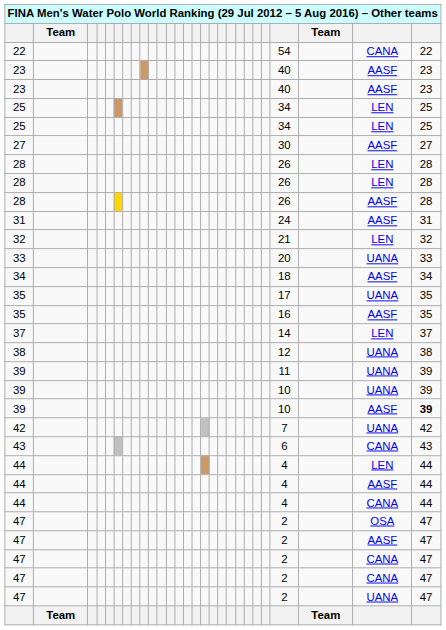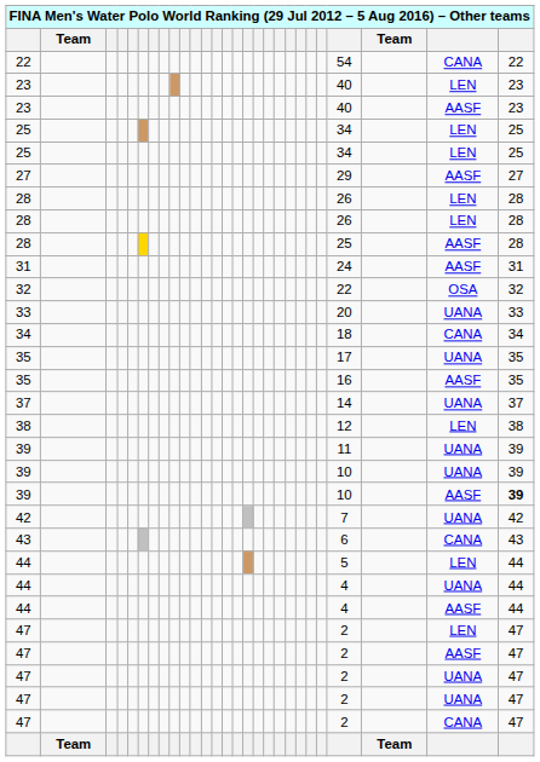 <table class="wikitable mw-collapsible autocollapse" style="text-align: center; font-size: 75%; margin-left: 1em;">
 <tr>
 <th colspan="27" style="background-color: #ccffff;">FINA Men's Water Polo World Ranking (29 Jul 2012 – 5 Aug 2016) – Other teams</th>
 </tr>
 <tr>
 <th></th>
 <th>Team</th>
 <th><a href='#'></a></th>
 <th><a href='#'></a></th>
 <th><a href='#'></a></th>
 <th><a href='#'></a></th>
 <th><a href='#'></a></th>
 <th><a href='#'></a></th>
 <th><a href='#'></a></th>
 <th><a href='#'></a></th>
 <th><a href='#'></a></th>
 <th><a href='#'></a></th>
 <th><a href='#'></a></th>
 <th><a href='#'></a></th>
 <th><a href='#'></a></th>
 <th><a href='#'></a></th>
 <th><a href='#'></a></th>
 <th><a href='#'></a></th>
 <th><a href='#'></a></th>
 <th><a href='#'></a></th>
 <th><a href='#'></a></th>
 <th><a href='#'></a></th>
 <th><a href='#'></a></th>
 <th></th>
 <th>Team</th>
 <th></th>
 <th></th>
 </tr>
 <tr>
 <td>22</td>
 <td style="text-align: left;"></td>
 <td></td>
 <td></td>
 <td></td>
 <td></td>
 <td></td>
 <td></td>
 <td></td>
 <td></td>
 <td></td>
 <td></td>
 <td></td>
 <td></td>
 <td></td>
 <td></td>
 <td></td>
 <td></td>
 <td></td>
 <td></td>
 <td></td>
 <td></td>
 <td></td>
 <td>54</td>
 <td style="text-align: left;"></td>
 <td><a href='#'>CANA</a></td>
 <td>22</td>
 </tr>
 <tr>
 <td>23</td>
 <td style="text-align: left;"></td>
 <td></td>
 <td></td>
 <td></td>
 <td></td>
 <td></td>
 <td></td>
 <td style="background-color: #cc9966;"></td>
 <td></td>
 <td></td>
 <td></td>
 <td></td>
 <td></td>
 <td></td>
 <td></td>
 <td></td>
 <td></td>
 <td></td>
 <td></td>
 <td></td>
 <td></td>
 <td></td>
 <td>40</td>
 <td style="text-align: left;"></td>
-<td><a href='#'>AASF</a></td>
+<td><a href='#'>LEN</a></td>
 <td>23</td>
 </tr>
 <tr>
 <td>23</td>
 <td style="text-align: left;"></td>
 <td></td>
 <td></td>
 <td></td>
 <td></td>
 <td></td>
 <td></td>
 <td></td>
 <td></td>
 <td></td>
 <td></td>
 <td></td>
 <td></td>
 <td></td>
 <td></td>
 <td></td>
 <td></td>
 <td></td>
 <td></td>
 <td></td>
 <td></td>
 <td></td>
 <td>40</td>
 <td style="text-align: left;"></td>
 <td><a href='#'>AASF</a></td>
 <td>23</td>
 </tr>
 <tr>
 <td>25</td>
 <td style="text-align: left;"></td>
 <td></td>
 <td></td>
 <td></td>
 <td style="background-color: #cc9966;"></td>
 <td></td>
 <td></td>
 <td></td>
 <td></td>
 <td></td>
 <td></td>
 <td></td>
 <td></td>
 <td></td>
 <td></td>
 <td></td>
 <td></td>
 <td></td>
 <td></td>
 <td></td>
 <td></td>
 <td></td>
 <td>34</td>
 <td style="text-align: left;"></td>
 <td><a href='#'>LEN</a></td>
 <td>25</td>
 </tr>
 <tr>
 <td>25</td>
 <td style="text-align: left;"></td>
 <td></td>
 <td></td>
 <td></td>
 <td></td>
 <td></td>
 <td></td>
 <td></td>
 <td></td>
 <td></td>
 <td></td>
 <td></td>
 <td></td>
 <td></td>
 <td></td>
 <td></td>
 <td></td>
 <td></td>
 <td></td>
 <td></td>
 <td></td>
 <td></td>
 <td>34</td>
 <td style="text-align: left;"></td>
 <td><a href='#'>LEN</a></td>
 <td>25</td>
 </tr>
 <tr>
 <td>27</td>
 <td style="text-align: left;"></td>
 <td></td>
 <td></td>
 <td></td>
 <td></td>
 <td></td>
 <td></td>
 <td></td>
 <td></td>
 <td></td>
 <td></td>
 <td></td>
 <td></td>
 <td></td>
 <td></td>
 <td></td>
 <td></td>
 <td></td>
 <td></td>
 <td></td>
 <td></td>
 <td></td>
-<td>30</td>
+<td>29</td>
 <td style="text-align: left;"></td>
 <td><a href='#'>AASF</a></td>
 <td>27</td>
 </tr>
 <tr>
 <td>28</td>
 <td style="text-align: left;"></td>
 <td></td>
 <td></td>
 <td></td>
 <td></td>
 <td></td>
 <td></td>
 <td></td>
 <td></td>
 <td></td>
 <td></td>
 <td></td>
 <td></td>
 <td></td>
 <td></td>
 <td></td>
 <td></td>
 <td></td>
 <td></td>
 <td></td>
 <td></td>
 <td></td>
 <td>26</td>
 <td style="text-align: left;"></td>
 <td><a href='#'>LEN</a></td>
 <td>28</td>
 </tr>
 <tr>
 <td>28</td>
 <td style="text-align: left;"></td>
 <td></td>
 <td></td>
 <td></td>
 <td></td>
 <td></td>
 <td></td>
 <td></td>
 <td></td>
 <td></td>
 <td></td>
 <td></td>
 <td></td>
 <td></td>
 <td></td>
 <td></td>
 <td></td>
 <td></td>
 <td></td>
 <td></td>
 <td></td>
 <td></td>
 <td>26</td>
 <td style="text-align: left;"></td>
 <td><a href='#'>LEN</a></td>
 <td>28</td>
 </tr>
 <tr>
 <td>28</td>
 <td style="text-align: left;"></td>
 <td></td>
 <td></td>
 <td></td>
 <td style="background-color: gold;"></td>
 <td></td>
 <td></td>
 <td></td>
 <td></td>
 <td></td>
 <td></td>
 <td></td>
 <td></td>
 <td></td>
 <td></td>
 <td></td>
 <td></td>
 <td></td>
 <td></td>
 <td></td>
 <td></td>
 <td></td>
-<td>26</td>
+<td>25</td>
 <td style="text-align: left;"></td>
 <td><a href='#'>AASF</a></td>
 <td>28</td>
 </tr>
 <tr>
 <td>31</td>
 <td style="text-align: left;"></td>
 <td></td>
 <td></td>
 <td></td>
 <td></td>
 <td></td>
 <td></td>
 <td></td>
 <td></td>
 <td></td>
 <td></td>
 <td></td>
 <td></td>
 <td></td>
 <td></td>
 <td></td>
 <td></td>
 <td></td>
 <td></td>
 <td></td>
 <td></td>
 <td></td>
 <td>24</td>
 <td style="text-align: left;"></td>
 <td><a href='#'>AASF</a></td>
 <td>31</td>
 </tr>
 <tr>
 <td>32</td>
 <td style="text-align: left;"></td>
 <td></td>
 <td></td>
 <td></td>
 <td></td>
 <td></td>
 <td></td>
 <td></td>
 <td></td>
 <td></td>
 <td></td>
 <td></td>
 <td></td>
 <td></td>
 <td></td>
 <td></td>
 <td></td>
 <td></td>
 <td></td>
 <td></td>
 <td></td>
 <td></td>
-<td>21</td>
+<td>22</td>
 <td style="text-align: left;"></td>
-<td><a href='#'>LEN</a></td>
+<td><a href='#'>OSA</a></td>
 <td>32</td>
 </tr>
 <tr>
 <td>33</td>
 <td style="text-align: left;"></td>
 <td></td>
 <td></td>
 <td></td>
 <td></td>
 <td></td>
 <td></td>
 <td></td>
 <td></td>
 <td></td>
 <td></td>
 <td></td>
 <td></td>
 <td></td>
 <td></td>
 <td></td>
 <td></td>
 <td></td>
 <td></td>
 <td></td>
 <td></td>
 <td></td>
 <td>20</td>
 <td style="text-align: left;"></td>
 <td><a href='#'>UANA</a></td>
 <td>33</td>
 </tr>
 <tr>
 <td>34</td>
 <td style="text-align: left;"></td>
 <td></td>
 <td></td>
 <td></td>
 <td></td>
 <td></td>
 <td></td>
 <td></td>
 <td></td>
 <td></td>
 <td></td>
 <td></td>
 <td></td>
 <td></td>
 <td></td>
 <td></td>
 <td></td>
 <td></td>
 <td></td>
 <td></td>
 <td></td>
 <td></td>
 <td>18</td>
 <td style="text-align: left;"></td>
-<td><a href='#'>AASF</a></td>
+<td><a href='#'>CANA</a></td>
 <td>34</td>
 </tr>
 <tr>
 <td>35</td>
 <td style="text-align: left;"></td>
 <td></td>
 <td></td>
 <td></td>
 <td></td>
 <td></td>
 <td></td>
 <td></td>
 <td></td>
 <td></td>
 <td></td>
 <td></td>
 <td></td>
 <td></td>
 <td></td>
 <td></td>
 <td></td>
 <td></td>
 <td></td>
 <td></td>
 <td></td>
 <td></td>
 <td>17</td>
 <td style="text-align: left;"></td>
 <td><a href='#'>UANA</a></td>
 <td>35</td>
 </tr>
 <tr>
 <td>35</td>
 <td style="text-align: left;"></td>
 <td></td>
 <td></td>
 <td></td>
 <td></td>
 <td></td>
 <td></td>
 <td></td>
 <td></td>
 <td></td>
 <td></td>
 <td></td>
 <td></td>
 <td></td>
 <td></td>
 <td></td>
 <td></td>
 <td></td>
 <td></td>
 <td></td>
 <td></td>
 <td></td>
 <td>16</td>
 <td style="text-align: left;"></td>
 <td><a href='#'>AASF</a></td>
 <td>35</td>
 </tr>
 <tr>
 <td>37</td>
 <td style="text-align: left;"></td>
 <td></td>
 <td></td>
 <td></td>
 <td></td>
 <td></td>
 <td></td>
 <td></td>
 <td></td>
 <td></td>
 <td></td>
 <td></td>
 <td></td>
 <td></td>
 <td></td>
 <td></td>
 <td></td>
 <td></td>
 <td></td>
 <td></td>
 <td></td>
 <td></td>
 <td>14</td>
 <td style="text-align: left;"></td>
-<td><a href='#'>LEN</a></td>
+<td><a href='#'>UANA</a></td>
 <td>37</td>
 </tr>
 <tr>
 <td>38</td>
 <td style="text-align: left;"></td>
 <td></td>
 <td></td>
 <td></td>
 <td></td>
 <td></td>
 <td></td>
 <td></td>
 <td></td>
 <td></td>
 <td></td>
 <td></td>
 <td></td>
 <td></td>
 <td></td>
 <td></td>
 <td></td>
 <td></td>
 <td></td>
 <td></td>
 <td></td>
 <td></td>
 <td>12</td>
 <td style="text-align: left;"></td>
-<td><a href='#'>UANA</a></td>
+<td><a href='#'>LEN</a></td>
 <td>38</td>
 </tr>
 <tr>
 <td>39</td>
 <td style="text-align: left;"></td>
 <td></td>
 <td></td>
 <td></td>
 <td></td>
 <td></td>
 <td></td>
 <td></td>
 <td></td>
 <td></td>
 <td></td>
 <td></td>
 <td></td>
 <td></td>
 <td></td>
 <td></td>
 <td></td>
 <td></td>
 <td></td>
 <td></td>
 <td></td>
 <td></td>
 <td>11</td>
 <td style="text-align: left;"></td>
 <td><a href='#'>UANA</a></td>
 <td>39</td>
 </tr>
 <tr>
 <td>39</td>
 <td style="text-align: left;"></td>
 <td></td>
 <td></td>
 <td></td>
 <td></td>
 <td></td>
 <td></td>
 <td></td>
 <td></td>
 <td></td>
 <td></td>
 <td></td>
 <td></td>
 <td></td>
 <td></td>
 <td></td>
 <td></td>
 <td></td>
 <td></td>
 <td></td>
 <td></td>
 <td></td>
 <td>10</td>
 <td style="text-align: left;"></td>
 <td><a href='#'>UANA</a></td>
 <td>39</td>
 </tr>
 <tr>
 <td>39</td>
 <td style="text-align: left;"></td>
 <td></td>
 <td></td>
 <td></td>
 <td></td>
 <td></td>
 <td></td>
 <td></td>
 <td></td>
 <td></td>
 <td></td>
 <td></td>
 <td></td>
 <td></td>
 <td></td>
 <td></td>
 <td></td>
 <td></td>
 <td></td>
 <td></td>
 <td></td>
 <td></td>
 <td>10</td>
 <td style="text-align: left;"></td>
 <td><a href='#'>AASF</a></td>
 <td><strong>39</strong></td>
 </tr>
 <tr>
 <td>42</td>
 <td style="text-align: left;"></td>
 <td></td>
 <td></td>
 <td></td>
 <td></td>
 <td></td>
 <td></td>
 <td></td>
 <td></td>
 <td></td>
 <td></td>
 <td></td>
 <td></td>
 <td></td>
 <td style="background-color: silver;"></td>
 <td></td>
 <td></td>
 <td></td>
 <td></td>
 <td></td>
 <td></td>
 <td></td>
 <td>7</td>
 <td style="text-align: left;"></td>
 <td><a href='#'>UANA</a></td>
 <td>42</td>
 </tr>
 <tr>
 <td>43</td>
 <td style="text-align: left;"></td>
 <td></td>
 <td></td>
 <td></td>
 <td style="background-color: silver;"></td>
 <td></td>
 <td></td>
 <td></td>
 <td></td>
 <td></td>
 <td></td>
 <td></td>
 <td></td>
 <td></td>
 <td></td>
 <td></td>
 <td></td>
 <td></td>
 <td></td>
 <td></td>
 <td></td>
 <td></td>
 <td>6</td>
 <td style="text-align: left;"></td>
 <td><a href='#'>CANA</a></td>
 <td>43</td>
 </tr>
 <tr>
 <td>44</td>
 <td style="text-align: left;"></td>
 <td></td>
 <td></td>
 <td></td>
 <td></td>
 <td></td>
 <td></td>
 <td></td>
 <td></td>
 <td></td>
 <td></td>
 <td></td>
 <td></td>
 <td></td>
 <td style="background-color: #cc9966;"></td>
 <td></td>
 <td></td>
 <td></td>
 <td></td>
 <td></td>
 <td></td>
 <td></td>
+<td>5</td>
+<td style="text-align: left;"></td>
+<td><a href='#'>LEN</a></td>
+<td>44</td>
+</tr>
+<tr>
+<td>44</td>
+<td style="text-align: left;"></td>
+<td></td>
+<td></td>
+<td></td>
+<td></td>
+<td></td>
+<td></td>
+<td></td>
+<td></td>
+<td></td>
+<td></td>
+<td></td>
+<td></td>
+<td></td>
+<td></td>
+<td></td>
+<td></td>
+<td></td>
+<td></td>
+<td></td>
+<td></td>
+<td></td>
 <td>4</td>
 <td style="text-align: left;"></td>
-<td><a href='#'>LEN</a></td>
+<td><a href='#'>UANA</a></td>
 <td>44</td>
 </tr>
 <tr>
 <td>44</td>
 <td style="text-align: left;"></td>
 <td></td>
 <td></td>
 <td></td>
 <td></td>
 <td></td>
 <td></td>
 <td></td>
 <td></td>
 <td></td>
 <td></td>
 <td></td>
 <td></td>
 <td></td>
 <td></td>
 <td></td>
 <td></td>
 <td></td>
 <td></td>
 <td></td>
 <td></td>
 <td></td>
 <td>4</td>
 <td style="text-align: left;"></td>
 <td><a href='#'>AASF</a></td>
 <td>44</td>
 </tr>
 <tr>
-<td>44</td>
-<td style="text-align: left;"></td>
-<td></td>
-<td></td>
-<td></td>
-<td></td>
-<td></td>
-<td></td>
-<td></td>
-<td></td>
-<td></td>
-<td></td>
-<td></td>
-<td></td>
-<td></td>
-<td></td>
-<td></td>
-<td></td>
-<td></td>
-<td></td>
-<td></td>
-<td></td>
-<td></td>
-<td>4</td>
-<td style="text-align: left;"></td>
-<td><a href='#'>CANA</a></td>
-<td>44</td>
-</tr>
-<tr>
 <td>47</td>
 <td style="text-align: left;"></td>
 <td></td>
 <td></td>
 <td></td>
 <td></td>
 <td></td>
 <td></td>
 <td></td>
 <td></td>
 <td></td>
 <td></td>
 <td></td>
 <td></td>
 <td></td>
 <td></td>
 <td></td>
 <td></td>
 <td></td>
 <td></td>
 <td></td>
 <td></td>
 <td></td>
 <td>2</td>
 <td style="text-align: left;"></td>
-<td><a href='#'>OSA</a></td>
+<td><a href='#'>LEN</a></td>
 <td>47</td>
 </tr>
 <tr>
 <td>47</td>
 <td style="text-align: left;"></td>
 <td></td>
 <td></td>
 <td></td>
 <td></td>
 <td></td>
 <td></td>
 <td></td>
 <td></td>
 <td></td>
 <td></td>
 <td></td>
 <td></td>
 <td></td>
 <td></td>
 <td></td>
 <td></td>
 <td></td>
 <td></td>
 <td></td>
 <td></td>
 <td></td>
 <td>2</td>
 <td style="text-align: left;"></td>
 <td><a href='#'>AASF</a></td>
 <td>47</td>
 </tr>
 <tr>
 <td>47</td>
 <td style="text-align: left;"></td>
 <td></td>
 <td></td>
 <td></td>
 <td></td>
 <td></td>
 <td></td>
 <td></td>
 <td></td>
 <td></td>
 <td></td>
 <td></td>
 <td></td>
 <td></td>
 <td></td>
 <td></td>
 <td></td>
 <td></td>
 <td></td>
 <td></td>
 <td></td>
 <td></td>
 <td>2</td>
 <td style="text-align: left;"></td>
-<td><a href='#'>CANA</a></td>
+<td><a href='#'>UANA</a></td>
+<td>47</td>
+</tr>
+<tr>
+<td>47</td>
+<td style="text-align: left;"></td>
+<td></td>
+<td></td>
+<td></td>
+<td></td>
+<td></td>
+<td></td>
+<td></td>
+<td></td>
+<td></td>
+<td></td>
+<td></td>
+<td></td>
+<td></td>
+<td></td>
+<td></td>
+<td></td>
+<td></td>
+<td></td>
+<td></td>
+<td></td>
+<td></td>
+<td>2</td>
+<td style="text-align: left;"></td>
+<td><a href='#'>UANA</a></td>
 <td>47</td>
 </tr>
 <tr>
 <td>47</td>
 <td style="text-align: left;"></td>
 <td></td>
 <td></td>
 <td></td>
 <td></td>
 <td></td>
 <td></td>
 <td></td>
 <td></td>
 <td></td>
 <td></td>
 <td></td>
 <td></td>
 <td></td>
 <td></td>
 <td></td>
 <td></td>
 <td></td>
 <td></td>
 <td></td>
 <td></td>
 <td></td>
 <td>2</td>
 <td style="text-align: left;"></td>
 <td><a href='#'>CANA</a></td>
 <td>47</td>
 </tr>
 <tr>
-<td>47</td>
-<td style="text-align: left;"></td>
-<td></td>
-<td></td>
-<td></td>
-<td></td>
-<td></td>
-<td></td>
-<td></td>
-<td></td>
-<td></td>
-<td></td>
-<td></td>
-<td></td>
-<td></td>
-<td></td>
-<td></td>
-<td></td>
-<td></td>
-<td></td>
-<td></td>
-<td></td>
-<td></td>
-<td>2</td>
-<td style="text-align: left;"></td>
-<td><a href='#'>UANA</a></td>
-<td>47</td>
-</tr>
-<tr>
 <th></th>
 <th>Team</th>
 <th><a href='#'></a></th>
 <th><a href='#'></a></th>
 <th><a href='#'></a></th>
 <th><a href='#'></a></th>
 <th><a href='#'></a></th>
 <th><a href='#'></a></th>
 <th><a href='#'></a></th>
 <th><a href='#'></a></th>
 <th><a href='#'></a></th>
 <th><a href='#'></a></th>
 <th><a href='#'></a></th>
 <th><a href='#'></a></th>
 <th><a href='#'></a></th>
 <th><a href='#'></a></th>
 <th><a href='#'></a></th>
 <th><a href='#'></a></th>
 <th><a href='#'></a></th>
 <th><a href='#'></a></th>
 <th><a href='#'></a></th>
 <th><a href='#'></a></th>
 <th><a href='#'></a></th>
 <th></th>
 <th>Team</th>
 <th></th>
 <th></th>
 </tr>
 </table>
